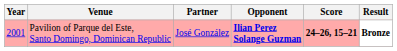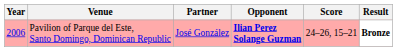 <table class="sortable wikitable" style="font-size: 90%;">
 <tr>
 <th>Year</th>
 <th>Venue</th>
 <th>Partner</th>
 <th>Opponent</th>
 <th>Score</th>
 <th>Result</th>
 </tr>
 <tr style="background:#FFAAAA">
-<td align="center"><a href='#'>2001</a></td>
+<td align="center"><a href='#'>2006</a></td>
 <td align="left">Pavilion of Parque del Este,<br><a href='#'>Santo Domingo, Dominican Republic</a></td>
 <td align="left"> <a href='#'>José González</a></td>
 <td align="left"><strong> <a href='#'>Ilian Perez</a> <br>  <a href='#'>Solange Guzman</a></strong></td>
-<td align="left"><strong>24–26, 15–21</strong></td>
+<td align="left">24–26, 15–21</td>
 <td style="text-align:left; background:white"> <strong>Bronze</strong></td>
 </tr>
 </table>
